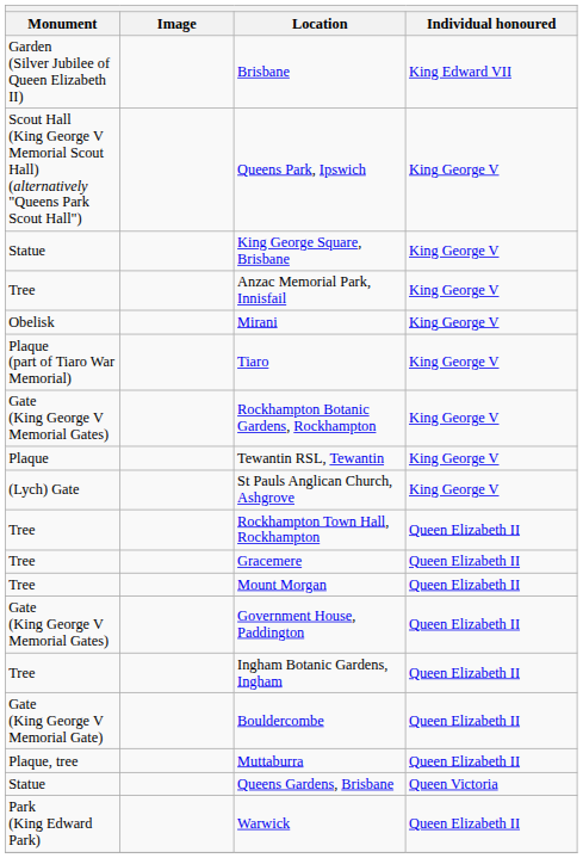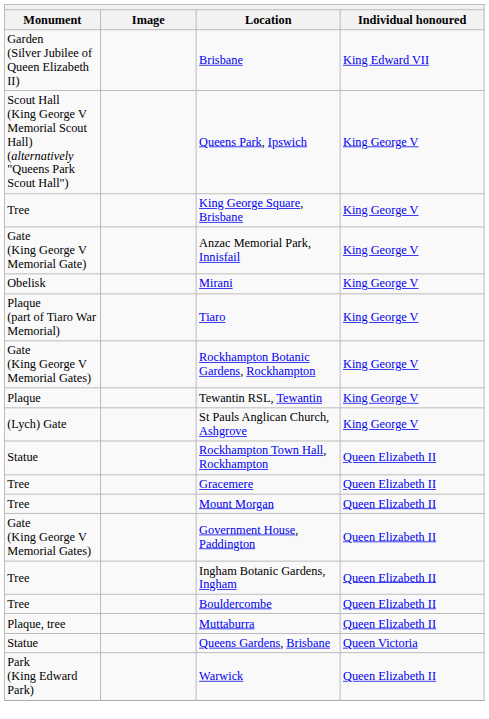 <table class="wikitable" style="width:100%">
 <tr>
 <th colspan="9" align="left"></th>
 </tr>
 <tr>
 <th width="20%">Monument</th>
 <th width="20%">Image</th>
 <th width="30%">Location</th>
 <th width="30%">Individual honoured</th>
 </tr>
 <tr>
 <td>Garden<br>(Silver Jubilee of Queen Elizabeth II)</td>
 <td></td>
 <td><a href='#'>Brisbane</a></td>
 <td><a href='#'>King Edward VII</a></td>
 </tr>
 <tr>
 <td>Scout Hall<br>(King George V Memorial Scout Hall) (<em>alternatively</em> "Queens Park Scout Hall")</td>
 <td></td>
 <td><a href='#'>Queens Park</a>, <a href='#'>Ipswich</a></td>
 <td><a href='#'>King George V</a></td>
 </tr>
 <tr>
-<td>Statue</td>
+<td>Tree</td>
 <td></td>
 <td><a href='#'>King George Square</a>, <a href='#'>Brisbane</a></td>
 <td><a href='#'>King George V</a></td>
 </tr>
 <tr>
-<td>Tree</td>
+<td>Gate<br>(King George V Memorial Gate)</td>
 <td></td>
 <td>Anzac Memorial Park, <a href='#'>Innisfail</a></td>
 <td><a href='#'>King George V</a></td>
 </tr>
 <tr>
 <td>Obelisk</td>
 <td></td>
 <td><a href='#'>Mirani</a></td>
 <td><a href='#'>King George V</a></td>
 </tr>
 <tr>
 <td>Plaque<br>(part of Tiaro War Memorial)</td>
 <td></td>
 <td><a href='#'>Tiaro</a></td>
 <td><a href='#'>King George V</a></td>
 </tr>
 <tr>
 <td>Gate<br>(King George V Memorial Gates)</td>
 <td></td>
 <td><a href='#'>Rockhampton Botanic Gardens</a>, <a href='#'>Rockhampton</a></td>
 <td><a href='#'>King George V</a></td>
 </tr>
 <tr>
 <td>Plaque</td>
 <td></td>
 <td>Tewantin RSL, <a href='#'>Tewantin</a></td>
 <td><a href='#'>King George V</a></td>
 </tr>
 <tr>
 <td>(Lych) Gate</td>
 <td></td>
 <td>St Pauls Anglican Church, <a href='#'>Ashgrove</a></td>
 <td><a href='#'>King George V</a></td>
 </tr>
 <tr>
-<td>Tree</td>
+<td>Statue</td>
 <td></td>
 <td><a href='#'>Rockhampton Town Hall</a>, <a href='#'>Rockhampton</a></td>
 <td><a href='#'>Queen Elizabeth II</a></td>
 </tr>
 <tr>
 <td>Tree</td>
 <td></td>
 <td><a href='#'>Gracemere</a></td>
 <td><a href='#'>Queen Elizabeth II</a></td>
 </tr>
 <tr>
 <td>Tree</td>
 <td></td>
 <td><a href='#'>Mount Morgan</a></td>
 <td><a href='#'>Queen Elizabeth II</a></td>
 </tr>
 <tr>
 <td>Gate<br>(King George V Memorial Gates)</td>
 <td></td>
 <td><a href='#'>Government House</a>, <a href='#'>Paddington</a></td>
 <td><a href='#'>Queen Elizabeth II</a></td>
 </tr>
 <tr>
 <td>Tree</td>
 <td></td>
 <td>Ingham Botanic Gardens, <a href='#'>Ingham</a></td>
 <td><a href='#'>Queen Elizabeth II</a></td>
 </tr>
 <tr>
-<td>Gate<br>(King George V Memorial Gate)</td>
+<td>Tree</td>
 <td></td>
 <td><a href='#'>Bouldercombe</a></td>
 <td><a href='#'>Queen Elizabeth II</a></td>
 </tr>
 <tr>
 <td>Plaque, tree</td>
 <td></td>
 <td><a href='#'>Muttaburra</a></td>
 <td><a href='#'>Queen Elizabeth II</a></td>
 </tr>
 <tr>
 <td>Statue</td>
 <td></td>
 <td><a href='#'>Queens Gardens</a>, <a href='#'>Brisbane</a></td>
 <td><a href='#'>Queen Victoria</a></td>
 </tr>
 <tr>
 <td>Park<br>(King Edward Park)</td>
 <td></td>
 <td><a href='#'>Warwick</a></td>
 <td><a href='#'>Queen Elizabeth II</a></td>
 </tr>
 <tr>
 </tr>
 </table>
